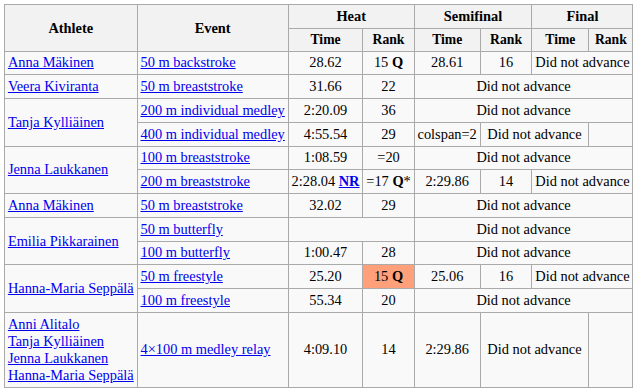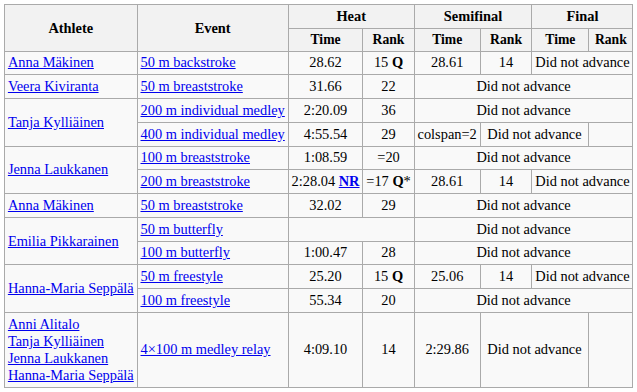 <table class=wikitable style="font-size:90%">
 <tr>
 <th rowspan=2>Athlete</th>
 <th rowspan=2>Event</th>
 <th colspan="2">Heat</th>
 <th colspan="2">Semifinal</th>
 <th colspan="2">Final</th>
 </tr>
 <tr style="font-size:95%">
 <th>Time</th>
 <th>Rank</th>
 <th>Time</th>
 <th>Rank</th>
 <th>Time</th>
 <th>Rank</th>
 </tr>
 <tr align=center>
 <td align=left><a href='#'>Anna Mäkinen</a></td>
 <td align=left><a href='#'>50 m backstroke</a></td>
 <td>28.62</td>
 <td>15 <strong>Q</strong></td>
 <td>28.61</td>
-<td>16</td>
+<td>14</td>
 <td colspan=2>Did not advance</td>
 </tr>
 <tr align=center>
 <td align=left><a href='#'>Veera Kiviranta</a></td>
 <td align=left><a href='#'>50 m breaststroke</a></td>
 <td>31.66</td>
 <td>22</td>
 <td colspan=4>Did not advance</td>
 </tr>
 <tr align=center>
 <td align=left rowspan=2><a href='#'>Tanja Kylliäinen</a></td>
 <td align=left><a href='#'>200 m individual medley</a></td>
 <td>2:20.09</td>
 <td>36</td>
 <td colspan=4>Did not advance</td>
 </tr>
 <tr align=center>
 <td align=left><a href='#'>400 m individual medley</a></td>
 <td>4:55.54</td>
 <td>29</td>
 <td>colspan=2 </td>
 <td colspan=2>Did not advance</td>
 </tr>
 <tr align=center>
 <td align=left rowspan=2><a href='#'>Jenna Laukkanen</a></td>
 <td align=left><a href='#'>100 m breaststroke</a></td>
 <td>1:08.59</td>
 <td>=20</td>
 <td colspan=4>Did not advance</td>
 </tr>
 <tr align=center>
 <td align=left><a href='#'>200 m breaststroke</a></td>
 <td>2:28.04 <strong><a href='#'>NR</a></strong></td>
 <td>=17 <strong>Q</strong>*</td>
-<td>2:29.86</td>
+<td>28.61</td>
 <td>14</td>
 <td colspan=2>Did not advance</td>
 </tr>
 <tr align=center>
 <td align=left><a href='#'>Anna Mäkinen</a></td>
 <td align=left><a href='#'>50 m breaststroke</a></td>
 <td>32.02</td>
 <td>29</td>
 <td colspan=4>Did not advance</td>
 </tr>
 <tr align=center>
 <td align=left rowspan=2><a href='#'>Emilia Pikkarainen</a></td>
 <td align=left><a href='#'>50 m butterfly</a></td>
 <td colspan=2></td>
 <td colspan=4>Did not advance</td>
 </tr>
 <tr align=center>
 <td align=left><a href='#'>100 m butterfly</a></td>
 <td>1:00.47</td>
 <td>28</td>
 <td colspan=4>Did not advance</td>
 </tr>
 <tr align=center>
 <td align=left rowspan=2><a href='#'>Hanna-Maria Seppälä</a></td>
 <td align=left><a href='#'>50 m freestyle</a></td>
 <td>25.20</td>
-<td style="background: lightsalmon;">15 <strong>Q</strong></td>
+<td>15 <strong>Q</strong></td>
 <td>25.06</td>
-<td>16</td>
+<td>14</td>
 <td colspan=2>Did not advance</td>
 </tr>
 <tr align=center>
 <td align=left><a href='#'>100 m freestyle</a></td>
 <td>55.34</td>
 <td>20</td>
 <td colspan=4>Did not advance</td>
 </tr>
 <tr align=center>
 <td align=left><a href='#'>Anni Alitalo</a><br><a href='#'>Tanja Kylliäinen</a><br><a href='#'>Jenna Laukkanen</a><br><a href='#'>Hanna-Maria Seppälä</a></td>
 <td align=left><a href='#'>4×100 m medley relay</a></td>
 <td>4:09.10</td>
 <td>14</td>
 <td>2:29.86</td>
 <td colspan=2>Did not advance</td>
 </tr>
 </table>
